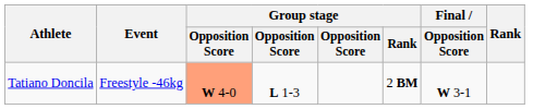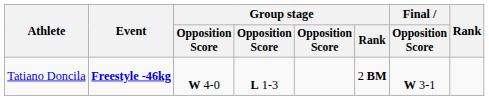 <table class="wikitable" style="font-size:90%">
 <tr>
 <th rowspan=2>Athlete</th>
 <th rowspan=2>Event</th>
 <th colspan=4>Group stage</th>
 <th>Final / </th>
 <th rowspan=2>Rank</th>
 </tr>
 <tr style="font-size:95%">
 <th>Opposition<br>Score</th>
 <th>Opposition<br>Score</th>
 <th>Opposition<br>Score</th>
 <th>Rank</th>
 <th>Opposition<br>Score</th>
 </tr>
 <tr align=center>
 <td align=left><a href='#'>Tatiano Doncila</a></td>
-<td align=left><a href='#'>Freestyle -46kg</a></td>
-<td style="background: lightsalmon;"> <br> <strong>W</strong> 4-0 <sup></sup></td>
+<td align=left><strong><a href='#'>Freestyle -46kg</a></strong></td>
+<td> <br> <strong>W</strong> 4-0 <sup></sup></td>
 <td> <br> <strong>L</strong> 1-3 <sup></sup></td>
 <td></td>
 <td>2 <strong>BM</strong></td>
 <td> <br> <strong>W</strong> 3-1 <sup></sup></td>
 <td align=center></td>
 </tr>
 </table>
